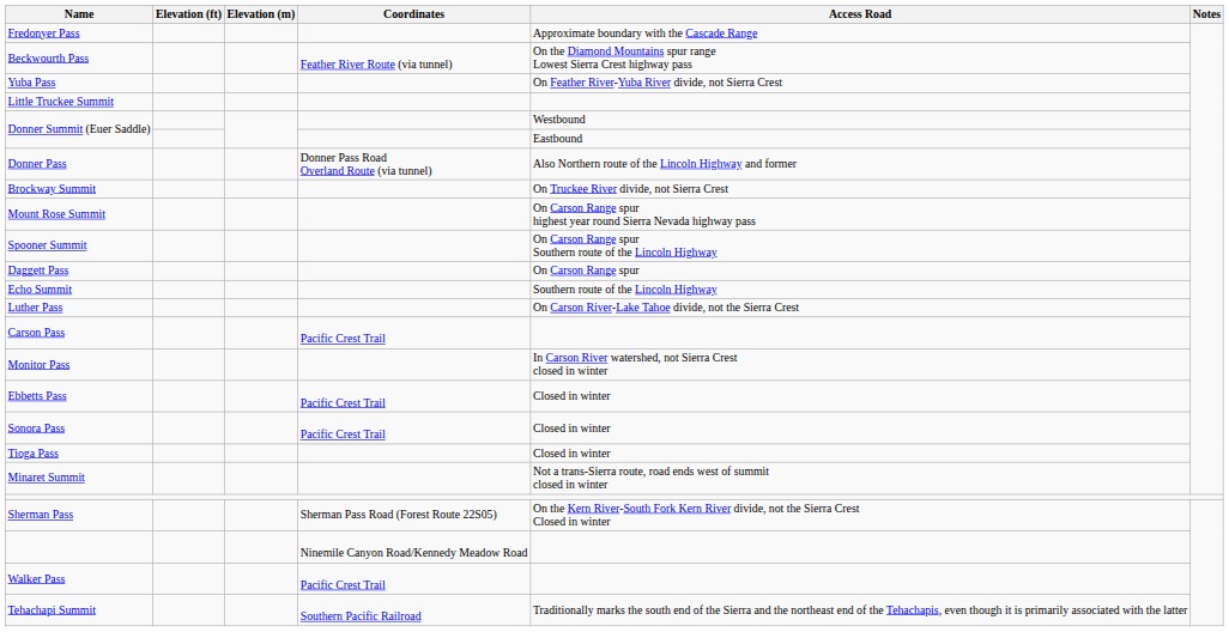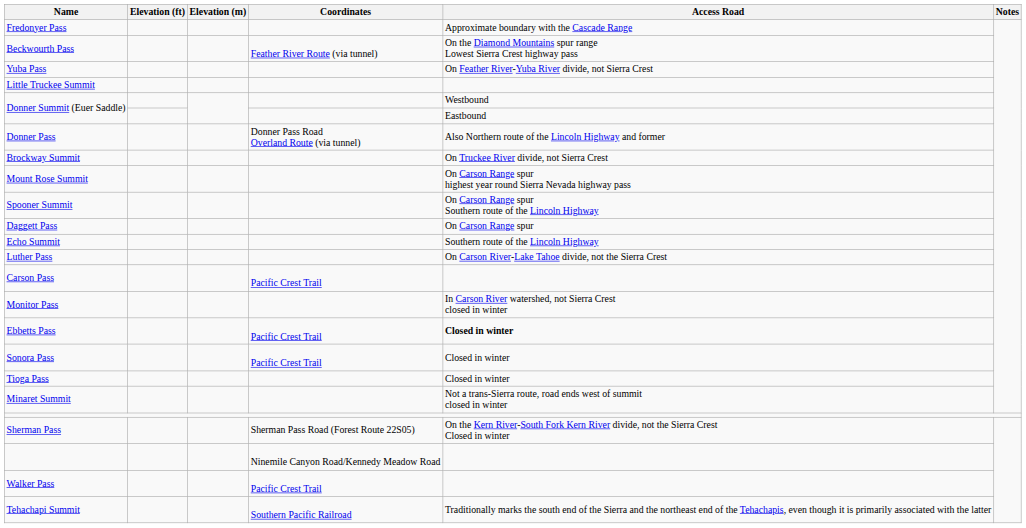 <table class="wikitable sortable plainrowheaders">
 <tr>
 <th scope="col">Name</th>
 <th scope="col">Elevation (ft)</th>
 <th scope="col">Elevation (m)</th>
 <th scope="col">Coordinates</th>
 <th scope="col" class="unsortable">Access Road</th>
 <th scope="col" class="unsortable">Notes</th>
 </tr>
 <tr>
 <td><a href='#'>Fredonyer Pass</a></td>
 <td></td>
 <td></td>
 <td></td>
 <td>Approximate boundary with the <a href='#'>Cascade Range</a></td>
 </tr>
 <tr>
 <td><a href='#'>Beckwourth Pass</a></td>
 <td></td>
 <td></td>
 <td><br> <a href='#'>Feather River Route</a> (via tunnel)</td>
 <td>On the <a href='#'>Diamond Mountains</a> spur range <br> Lowest Sierra Crest highway pass</td>
 </tr>
 <tr>
 <td><a href='#'>Yuba Pass</a></td>
 <td></td>
 <td></td>
 <td></td>
 <td>On <a href='#'>Feather River</a>-<a href='#'>Yuba River</a> divide, not Sierra Crest</td>
 </tr>
 <tr>
 <td><a href='#'>Little Truckee Summit</a></td>
 <td></td>
 <td></td>
 <td></td>
 <td></td>
 </tr>
 <tr>
 <td rowspan=2><a href='#'>Donner Summit</a> (Euer Saddle)</td>
 <td></td>
 <td rowspan=2></td>
 <td></td>
 <td>Westbound</td>
 </tr>
 <tr>
 <td></td>
 <td></td>
 <td>Eastbound</td>
 </tr>
 <tr>
 <td><a href='#'>Donner Pass</a></td>
 <td></td>
 <td></td>
 <td>Donner Pass Road <br><a href='#'>Overland Route</a> (via tunnel)</td>
 <td>Also Northern route of the <a href='#'>Lincoln Highway</a> and former </td>
 </tr>
 <tr>
 <td><a href='#'>Brockway Summit</a></td>
 <td></td>
 <td></td>
 <td></td>
 <td>On <a href='#'>Truckee River</a> divide, not Sierra Crest</td>
 </tr>
 <tr>
 <td><a href='#'>Mount Rose Summit</a></td>
 <td></td>
 <td></td>
 <td></td>
 <td>On <a href='#'>Carson Range</a> spur<br>highest year round Sierra Nevada highway pass</td>
 </tr>
 <tr>
 <td><a href='#'>Spooner Summit</a></td>
 <td></td>
 <td></td>
 <td></td>
 <td>On <a href='#'>Carson Range</a> spur<br>Southern route of the <a href='#'>Lincoln Highway</a></td>
 </tr>
 <tr>
 <td><a href='#'>Daggett Pass</a></td>
 <td></td>
 <td></td>
 <td></td>
 <td>On <a href='#'>Carson Range</a> spur</td>
 </tr>
 <tr>
 <td><a href='#'>Echo Summit</a></td>
 <td></td>
 <td></td>
 <td></td>
 <td>Southern route of the <a href='#'>Lincoln Highway</a></td>
 </tr>
 <tr>
 <td><a href='#'>Luther Pass</a></td>
 <td></td>
 <td></td>
 <td></td>
 <td>On <a href='#'>Carson River</a>-<a href='#'>Lake Tahoe</a> divide, not the Sierra Crest</td>
 </tr>
 <tr>
 <td><a href='#'>Carson Pass</a></td>
 <td></td>
 <td></td>
 <td><br><a href='#'>Pacific Crest Trail</a></td>
 <td></td>
 </tr>
 <tr>
 <td><a href='#'>Monitor Pass</a></td>
 <td></td>
 <td></td>
 <td></td>
 <td>In <a href='#'>Carson River</a> watershed, not Sierra Crest<br>closed in winter</td>
 </tr>
 <tr>
 <td><a href='#'>Ebbetts Pass</a></td>
 <td></td>
 <td></td>
 <td><br><a href='#'>Pacific Crest Trail</a></td>
-<td>Closed in winter</td>
+<td><strong>Closed in winter</strong></td>
 </tr>
 <tr>
 <td><a href='#'>Sonora Pass</a></td>
 <td></td>
 <td></td>
 <td><br><a href='#'>Pacific Crest Trail</a></td>
 <td>Closed in winter</td>
 </tr>
 <tr>
 <td><a href='#'>Tioga Pass</a></td>
 <td></td>
 <td></td>
 <td></td>
 <td>Closed in winter</td>
 </tr>
 <tr>
 <td><a href='#'>Minaret Summit</a></td>
 <td></td>
 <td></td>
 <td></td>
 <td>Not a trans-Sierra route, road ends west of summit<br>closed in winter</td>
 </tr>
 <tr>
 <td colspan=6></td>
 </tr>
 <tr>
 <td><a href='#'>Sherman Pass</a></td>
 <td></td>
 <td></td>
 <td>Sherman Pass Road (Forest Route 22S05)</td>
 <td>On the <a href='#'>Kern River</a>-<a href='#'>South Fork Kern River</a> divide, not the Sierra Crest<br>Closed in winter</td>
 </tr>
 <tr>
 <td></td>
 <td></td>
 <td></td>
 <td><br>Ninemile Canyon Road/Kennedy Meadow Road</td>
 <td></td>
 </tr>
 <tr>
 <td><a href='#'>Walker Pass</a></td>
 <td></td>
 <td></td>
 <td><br><a href='#'>Pacific Crest Trail</a></td>
 <td></td>
 </tr>
 <tr>
 <td><a href='#'>Tehachapi Summit</a></td>
 <td></td>
 <td></td>
 <td><br><a href='#'>Southern Pacific Railroad</a></td>
 <td>Traditionally marks the south end of the Sierra and the northeast end of the <a href='#'>Tehachapis</a>, even though it is primarily associated with the latter</td>
 </tr>
 </table>
